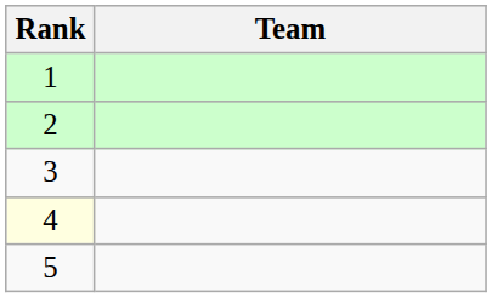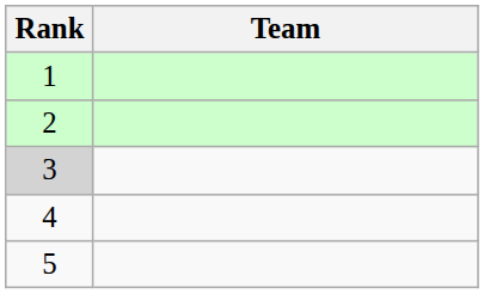 <table class="wikitable" style="text-align: center;">
 <tr>
 <th width=40>Rank</th>
 <th width=200>Team</th>
 </tr>
 <tr bgcolor=#ccffcc>
 <td>1</td>
 <td align=left></td>
 </tr>
 <tr bgcolor=#ccffcc>
 <td>2</td>
 <td align=left></td>
 </tr>
 <tr>
-<td>3</td>
+<td style="background: lightgrey;">3</td>
 <td align=left></td>
 </tr>
 <tr>
-<td style="background: lightyellow;">4</td>
+<td>4</td>
 <td align=left></td>
 </tr>
 <tr>
 <td>5</td>
 <td align=left></td>
 </tr>
 </table>
